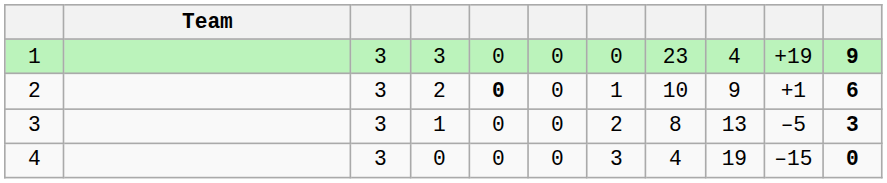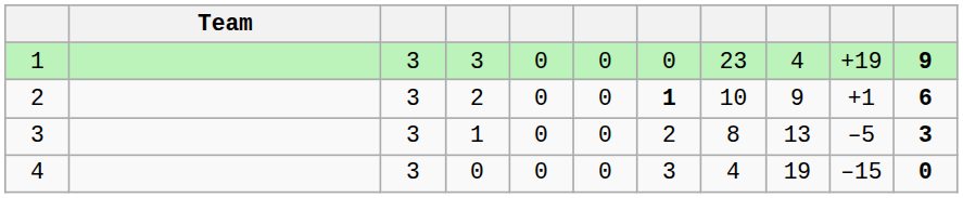 <table class="wikitable" style="text-align: center; font-size: 100%;">
 <tr>
 <th width="30"></th>
 <th width="170">Team</th>
 <th width="30"></th>
 <th width="30"></th>
 <th width="30"></th>
 <th width="30"></th>
 <th width="30"></th>
 <th width="30"></th>
 <th width="30"></th>
 <th width="30"></th>
 <th width="30"></th>
 </tr>
 <tr style="background:#bbf3bb;">
 <td>1</td>
 <td align="left"></td>
 <td>3</td>
 <td>3</td>
 <td>0</td>
 <td>0</td>
 <td>0</td>
 <td>23</td>
 <td>4</td>
 <td>+19</td>
 <td><strong>9</strong></td>
 </tr>
 <tr>
 <td>2</td>
 <td align="left"></td>
 <td>3</td>
 <td>2</td>
-<td><strong>0</strong></td>
 <td>0</td>
-<td>1</td>
+<td>0</td>
+<td><strong>1</strong></td>
 <td>10</td>
 <td>9</td>
 <td>+1</td>
 <td><strong>6</strong></td>
 </tr>
 <tr>
 <td>3</td>
 <td align="left"></td>
 <td>3</td>
 <td>1</td>
 <td>0</td>
 <td>0</td>
 <td>2</td>
 <td>8</td>
 <td>13</td>
 <td>–5</td>
 <td><strong>3</strong></td>
 </tr>
 <tr>
 <td>4</td>
 <td align="left"></td>
 <td>3</td>
 <td>0</td>
 <td>0</td>
 <td>0</td>
 <td>3</td>
 <td>4</td>
 <td>19</td>
 <td>–15</td>
 <td><strong>0</strong></td>
 </tr>
 </table>
